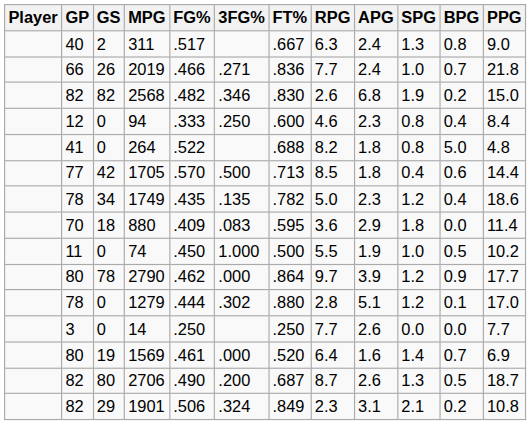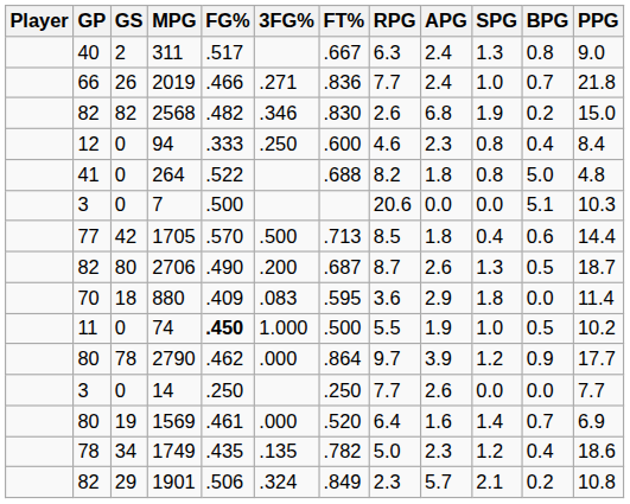 <table class="wikitable sortable" style="font-size: 90%">
 <tr>
 <th>Player</th>
 <th>GP</th>
 <th>GS</th>
 <th>MPG</th>
 <th>FG%</th>
 <th>3FG%</th>
 <th>FT%</th>
 <th>RPG</th>
 <th>APG</th>
 <th>SPG</th>
 <th>BPG</th>
 <th>PPG</th>
 </tr>
 <tr>
 <td></td>
 <td>40</td>
 <td>2</td>
 <td>311</td>
 <td>.517</td>
 <td></td>
 <td>.667</td>
 <td>6.3</td>
 <td>2.4</td>
 <td>1.3</td>
 <td>0.8</td>
 <td>9.0</td>
 </tr>
 <tr>
 <td></td>
 <td>66</td>
 <td>26</td>
 <td>2019</td>
 <td>.466</td>
 <td>.271</td>
 <td>.836</td>
 <td>7.7</td>
 <td>2.4</td>
 <td>1.0</td>
 <td>0.7</td>
 <td>21.8</td>
 </tr>
 <tr>
 <td></td>
 <td>82</td>
 <td>82</td>
 <td>2568</td>
 <td>.482</td>
 <td>.346</td>
 <td>.830</td>
 <td>2.6</td>
 <td>6.8</td>
 <td>1.9</td>
 <td>0.2</td>
 <td>15.0</td>
 </tr>
 <tr>
 <td></td>
 <td>12</td>
 <td>0</td>
 <td>94</td>
 <td>.333</td>
 <td>.250</td>
 <td>.600</td>
 <td>4.6</td>
 <td>2.3</td>
 <td>0.8</td>
 <td>0.4</td>
 <td>8.4</td>
 </tr>
 <tr>
 <td></td>
 <td>41</td>
 <td>0</td>
 <td>264</td>
 <td>.522</td>
 <td></td>
 <td>.688</td>
 <td>8.2</td>
 <td>1.8</td>
 <td>0.8</td>
 <td>5.0</td>
 <td>4.8</td>
 </tr>
 <tr>
 <td></td>
+<td>3</td>
+<td>0</td>
+<td>7</td>
+<td>.500</td>
+<td></td>
+<td></td>
+<td>20.6</td>
+<td>0.0</td>
+<td>0.0</td>
+<td>5.1</td>
+<td>10.3</td>
+</tr>
+<tr>
+<td></td>
 <td>77</td>
 <td>42</td>
 <td>1705</td>
 <td>.570</td>
 <td>.500</td>
 <td>.713</td>
 <td>8.5</td>
 <td>1.8</td>
 <td>0.4</td>
 <td>0.6</td>
 <td>14.4</td>
 </tr>
 <tr>
 <td></td>
-<td>78</td>
-<td>34</td>
-<td>1749</td>
-<td>.435</td>
-<td>.135</td>
-<td>.782</td>
-<td>5.0</td>
-<td>2.3</td>
-<td>1.2</td>
-<td>0.4</td>
-<td>18.6</td>
+<td>82</td>
+<td>80</td>
+<td>2706</td>
+<td>.490</td>
+<td>.200</td>
+<td>.687</td>
+<td>8.7</td>
+<td>2.6</td>
+<td>1.3</td>
+<td>0.5</td>
+<td>18.7</td>
 </tr>
 <tr>
 <td></td>
 <td>70</td>
 <td>18</td>
 <td>880</td>
 <td>.409</td>
 <td>.083</td>
 <td>.595</td>
 <td>3.6</td>
 <td>2.9</td>
 <td>1.8</td>
 <td>0.0</td>
 <td>11.4</td>
 </tr>
 <tr>
 <td></td>
 <td>11</td>
 <td>0</td>
 <td>74</td>
-<td>.450</td>
+<td><strong>.450</strong></td>
 <td>1.000</td>
 <td>.500</td>
 <td>5.5</td>
 <td>1.9</td>
 <td>1.0</td>
 <td>0.5</td>
 <td>10.2</td>
 </tr>
 <tr>
 <td></td>
 <td>80</td>
 <td>78</td>
 <td>2790</td>
 <td>.462</td>
 <td>.000</td>
 <td>.864</td>
 <td>9.7</td>
 <td>3.9</td>
 <td>1.2</td>
 <td>0.9</td>
 <td>17.7</td>
-</tr>
-<tr>
-<td></td>
-<td>78</td>
-<td>0</td>
-<td>1279</td>
-<td>.444</td>
-<td>.302</td>
-<td>.880</td>
-<td>2.8</td>
-<td>5.1</td>
-<td>1.2</td>
-<td>0.1</td>
-<td>17.0</td>
 </tr>
 <tr>
 <td></td>
 <td>3</td>
 <td>0</td>
 <td>14</td>
 <td>.250</td>
 <td></td>
 <td>.250</td>
 <td>7.7</td>
 <td>2.6</td>
 <td>0.0</td>
 <td>0.0</td>
 <td>7.7</td>
 </tr>
 <tr>
 <td></td>
 <td>80</td>
 <td>19</td>
 <td>1569</td>
 <td>.461</td>
 <td>.000</td>
 <td>.520</td>
 <td>6.4</td>
 <td>1.6</td>
 <td>1.4</td>
 <td>0.7</td>
 <td>6.9</td>
 </tr>
 <tr>
 <td></td>
-<td>82</td>
-<td>80</td>
-<td>2706</td>
-<td>.490</td>
-<td>.200</td>
-<td>.687</td>
-<td>8.7</td>
-<td>2.6</td>
-<td>1.3</td>
-<td>0.5</td>
-<td>18.7</td>
+<td>78</td>
+<td>34</td>
+<td>1749</td>
+<td>.435</td>
+<td>.135</td>
+<td>.782</td>
+<td>5.0</td>
+<td>2.3</td>
+<td>1.2</td>
+<td>0.4</td>
+<td>18.6</td>
 </tr>
 <tr>
 <td></td>
 <td>82</td>
 <td>29</td>
 <td>1901</td>
 <td>.506</td>
 <td>.324</td>
 <td>.849</td>
 <td>2.3</td>
-<td>3.1</td>
+<td>5.7</td>
 <td>2.1</td>
 <td>0.2</td>
 <td>10.8</td>
 </tr>
 </table>
